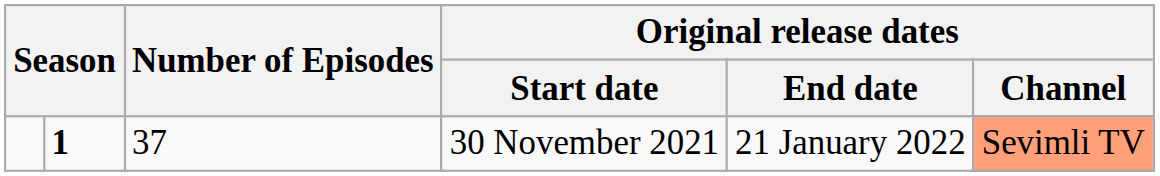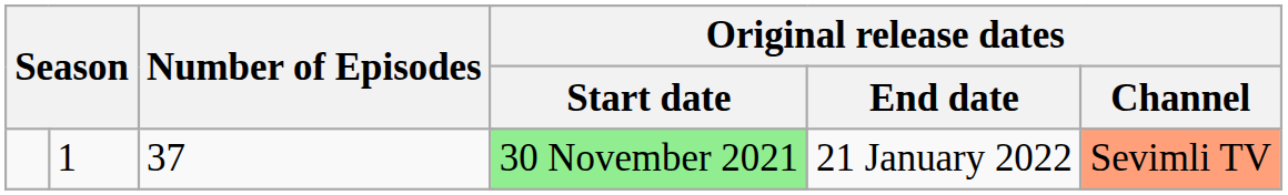 <table class="wikitable">
 <tr>
 <th colspan="2" rowspan="2">Season</th>
 <th colspan="2" rowspan="2">Number of Episodes</th>
 <th colspan="3" rowspan="1">Original release dates</th>
 </tr>
 <tr>
 <th>Start date</th>
 <th>End date</th>
 <th>Channel</th>
 </tr>
 <tr>
 <td></td>
-<td colspan="1"><strong>1</strong></td>
+<td colspan="1">1</td>
 <td colspan="2">37</td>
-<td colspan="1">30 November 2021</td>
+<td colspan="1" style="background: lightgreen;">30 November 2021</td>
 <td>21 January 2022</td>
 <td rowspan="1" style="background: lightsalmon;">Sevimli TV</td>
 </tr>
 </table>
